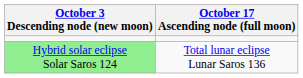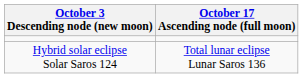 <table class="wikitable">
 <tr>
 <th><a href='#'>October 3</a><br>Descending node (new moon)<br></th>
 <th><a href='#'>October 17</a><br>Ascending node (full moon)<br></th>
 </tr>
 <tr>
 <td></td>
 <td></td>
 </tr>
 <tr align=center>
-<td style="background: lightgreen;"><a href='#'>Hybrid solar eclipse</a><br>Solar Saros 124</td>
+<td><a href='#'>Hybrid solar eclipse</a><br>Solar Saros 124</td>
 <td><a href='#'>Total lunar eclipse</a><br>Lunar Saros 136</td>
 </tr>
 </table>
